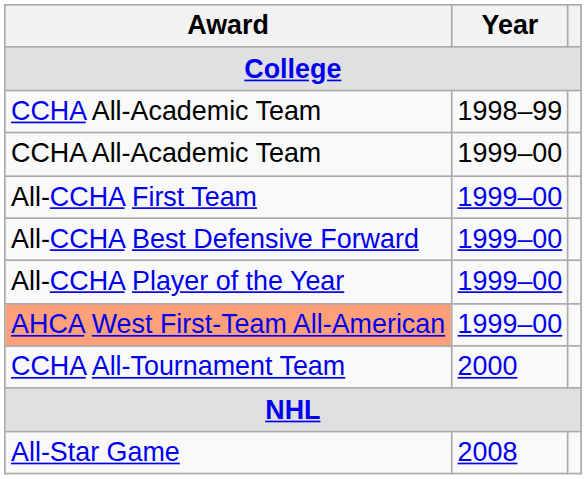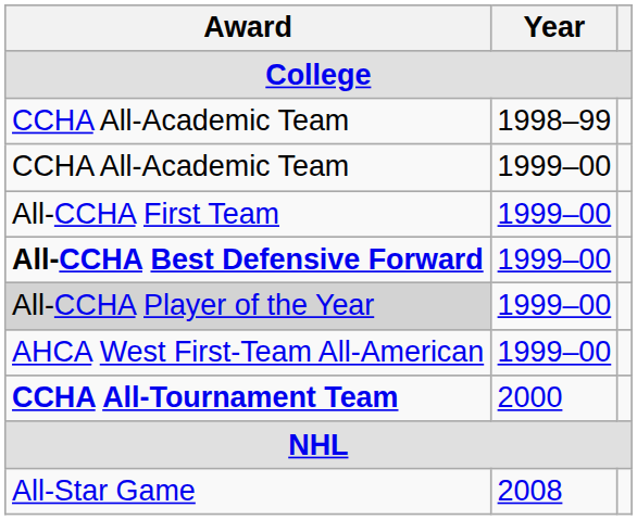 <table class="wikitable">
 <tr>
 <th>Award</th>
 <th>Year</th>
 <th></th>
 </tr>
 <tr ALIGN="center" bgcolor="#e0e0e0">
 <td colspan="3"><strong><a href='#'>College</a></strong></td>
 </tr>
 <tr>
 <td><a href='#'>CCHA</a> All-Academic Team</td>
 <td>1998–99</td>
 <td></td>
 </tr>
 <tr>
 <td>CCHA All-Academic Team</td>
 <td>1999–00</td>
 <td></td>
 </tr>
 <tr>
 <td>All-<a href='#'>CCHA</a> <a href='#'>First Team</a></td>
 <td><a href='#'>1999–00</a></td>
 <td></td>
 </tr>
 <tr>
-<td>All-<a href='#'>CCHA</a> <a href='#'>Best Defensive Forward</a></td>
+<td><strong>All-<a href='#'>CCHA</a> <a href='#'>Best Defensive Forward</a></strong></td>
 <td><a href='#'>1999–00</a></td>
 <td></td>
 </tr>
 <tr>
-<td>All-<a href='#'>CCHA</a> <a href='#'>Player of the Year</a></td>
+<td style="background: lightgrey;">All-<a href='#'>CCHA</a> <a href='#'>Player of the Year</a></td>
 <td><a href='#'>1999–00</a></td>
 <td></td>
 </tr>
 <tr>
-<td style="background: lightsalmon;"><a href='#'>AHCA</a> <a href='#'>West First-Team All-American</a></td>
+<td><a href='#'>AHCA</a> <a href='#'>West First-Team All-American</a></td>
 <td><a href='#'>1999–00</a></td>
 <td></td>
 </tr>
 <tr>
-<td><a href='#'>CCHA</a> <a href='#'>All-Tournament Team</a></td>
+<td><strong><a href='#'>CCHA</a> <a href='#'>All-Tournament Team</a></strong></td>
 <td><a href='#'>2000</a></td>
 <td></td>
 </tr>
 <tr ALIGN="center" bgcolor="#e0e0e0">
 <td colspan="3"><strong><a href='#'>NHL</a></strong></td>
 </tr>
 <tr>
 <td><a href='#'>All-Star Game</a></td>
 <td><a href='#'>2008</a></td>
 <td></td>
 </tr>
 </table>
